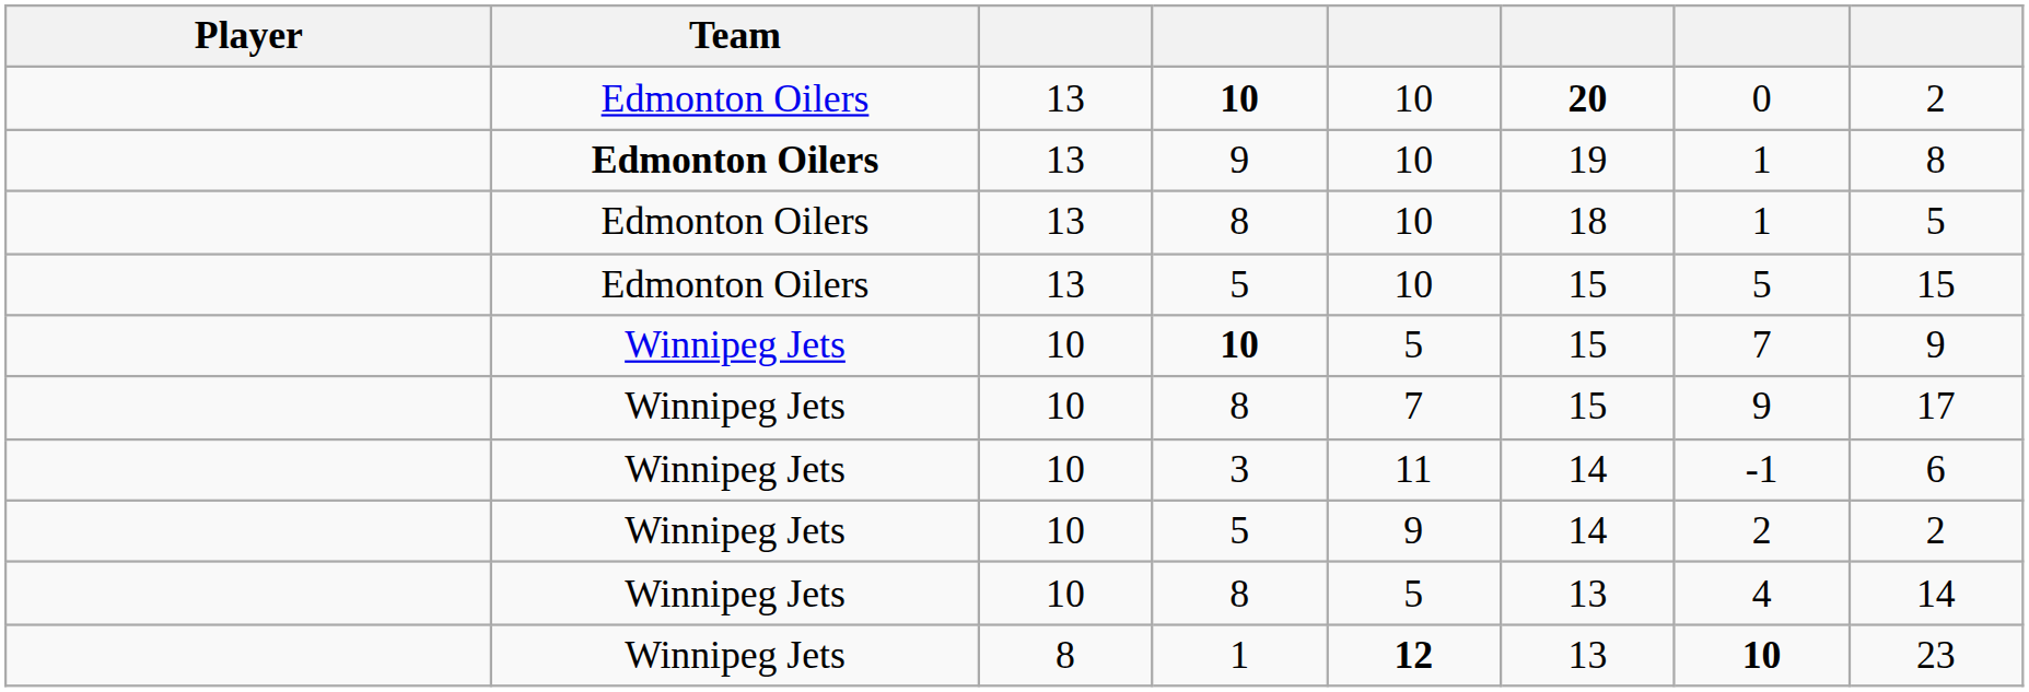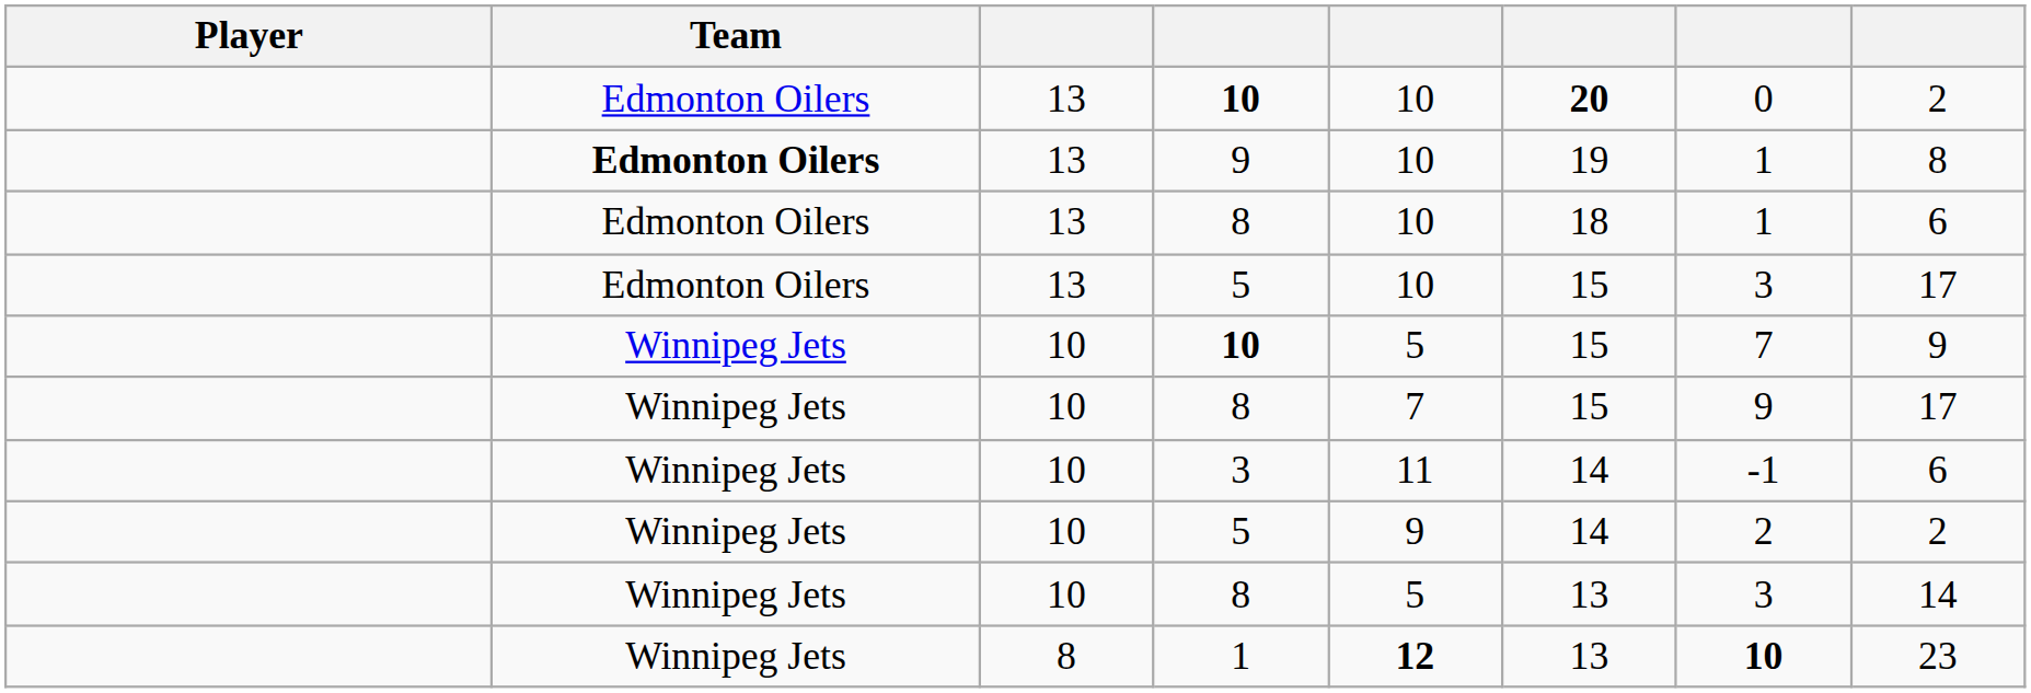 <table style="padding:3px; border-spacing:0; text-align:center;" class="wikitable sortable">
 <tr>
 <th style="width:12em">Player</th>
 <th style="width:12em">Team</th>
 <th style="width:4em"></th>
 <th style="width:4em"></th>
 <th style="width:4em"></th>
 <th style="width:4em"></th>
 <th data-sort-type="number" style="width:4em"></th>
 <th style="width:4em"></th>
 </tr>
 <tr>
 <td align=left></td>
 <td><a href='#'>Edmonton Oilers</a></td>
 <td>13</td>
 <td><strong>10</strong></td>
 <td>10</td>
 <td><strong>20</strong></td>
 <td>0</td>
 <td>2</td>
 </tr>
 <tr>
 <td align=left></td>
 <td><strong>Edmonton Oilers</strong></td>
 <td>13</td>
 <td>9</td>
 <td>10</td>
 <td>19</td>
 <td>1</td>
 <td>8</td>
 </tr>
 <tr>
 <td align=left></td>
 <td>Edmonton Oilers</td>
 <td>13</td>
 <td>8</td>
 <td>10</td>
 <td>18</td>
 <td>1</td>
-<td>5</td>
+<td>6</td>
 </tr>
 <tr>
 <td align=left></td>
 <td>Edmonton Oilers</td>
 <td>13</td>
 <td>5</td>
 <td>10</td>
 <td>15</td>
-<td>5</td>
-<td>15</td>
+<td>3</td>
+<td>17</td>
 </tr>
 <tr>
 <td align=left></td>
 <td><a href='#'>Winnipeg Jets</a></td>
 <td>10</td>
 <td><strong>10</strong></td>
 <td>5</td>
 <td>15</td>
 <td>7</td>
 <td>9</td>
 </tr>
 <tr>
 <td align=left></td>
 <td>Winnipeg Jets</td>
 <td>10</td>
 <td>8</td>
 <td>7</td>
 <td>15</td>
 <td>9</td>
 <td>17</td>
 </tr>
 <tr>
 <td align=left></td>
 <td>Winnipeg Jets</td>
 <td>10</td>
 <td>3</td>
 <td>11</td>
 <td>14</td>
 <td>-1</td>
 <td>6</td>
 </tr>
 <tr>
 <td align=left></td>
 <td>Winnipeg Jets</td>
 <td>10</td>
 <td>5</td>
 <td>9</td>
 <td>14</td>
 <td>2</td>
 <td>2</td>
 </tr>
 <tr>
 <td align=left></td>
 <td>Winnipeg Jets</td>
 <td>10</td>
 <td>8</td>
 <td>5</td>
 <td>13</td>
-<td>4</td>
+<td>3</td>
 <td>14</td>
 </tr>
 <tr>
 <td align=left></td>
 <td>Winnipeg Jets</td>
 <td>8</td>
 <td>1</td>
 <td><strong>12</strong></td>
 <td>13</td>
 <td><strong>10</strong></td>
 <td>23</td>
 </tr>
 </table>
